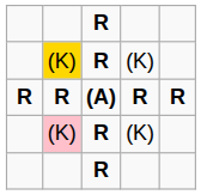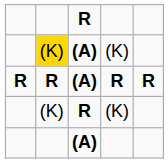 <table class="wikitable" style="text-align:center; margin:0.5em auto">
 <tr>
 <td width=20 height=20></td>
 <td width=20 height=20></td>
 <td width=20 height=20><strong>R</strong></td>
 <td width=20 height=20></td>
 <td width=20 height=20></td>
 </tr>
 <tr>
 <td width=20 height=20></td>
 <td width=20 height=20 style="background: gold;">(K)</td>
-<td width=20 height=20><strong>R</strong></td>
+<td width=20 height=20><strong>(A)</strong></td>
 <td width=20 height=20>(K)</td>
 <td width=20 height=20></td>
 </tr>
 <tr>
 <td width=20 height=20><strong>R</strong></td>
 <td width=20 height=20><strong>R</strong></td>
 <td width=20 height=20><strong>(A)</strong></td>
 <td width=20 height=20><strong>R</strong></td>
 <td width=20 height=20><strong>R</strong></td>
 </tr>
 <tr>
 <td width=20 height=20></td>
-<td width=20 height=20 style="background: pink;">(K)</td>
+<td width=20 height=20>(K)</td>
 <td width=20 height=20><strong>R</strong></td>
 <td width=20 height=20>(K)</td>
 <td width=20 height=20></td>
 </tr>
 <tr>
 <td width=20 height=20></td>
 <td width=20 height=20></td>
-<td width=20 height=20><strong>R</strong></td>
+<td width=20 height=20><strong>(A)</strong></td>
 <td width=20 height=20></td>
 <td width=20 height=20></td>
 </tr>
 </table>
